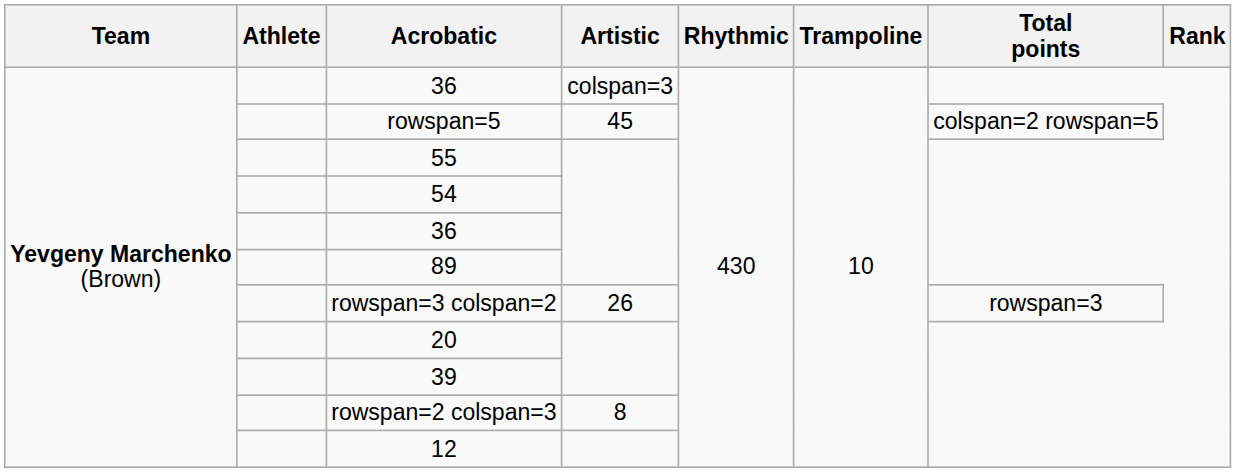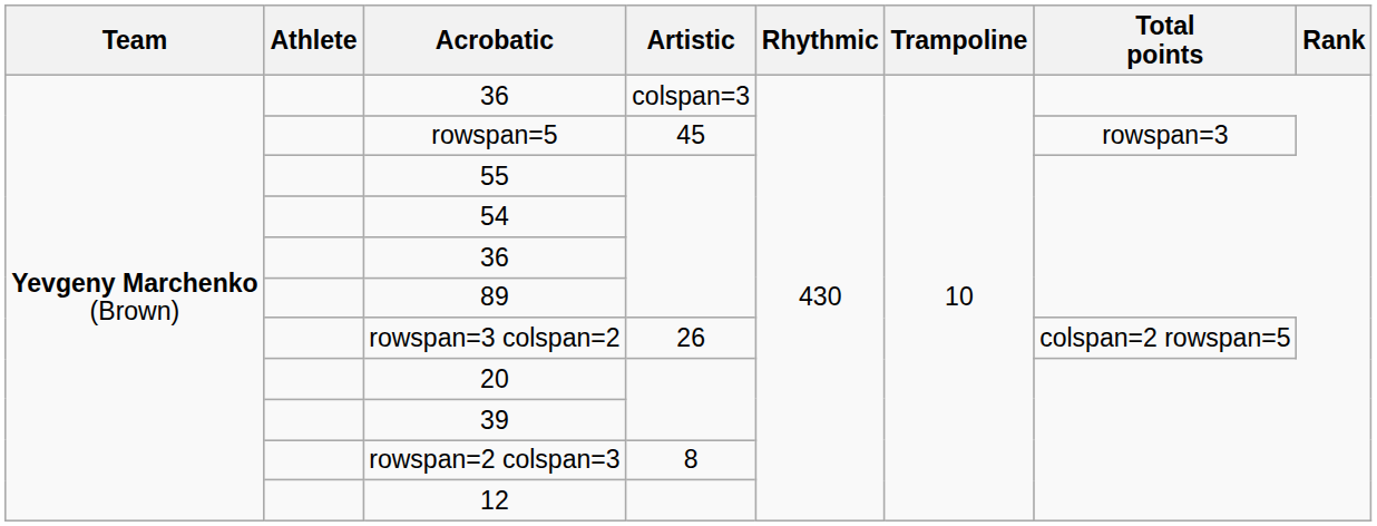 <table class="wikitable" style="text-align:center;font-size:90%">
 <tr>
 <th>Team</th>
 <th>Athlete</th>
 <th>Acrobatic</th>
 <th>Artistic</th>
 <th>Rhythmic</th>
 <th>Trampoline</th>
 <th>Total<br>points</th>
 <th>Rank</th>
 </tr>
 <tr>
 <td rowspan=12><strong>Yevgeny Marchenko</strong><br>(Brown)</td>
 <td align=left><br></td>
 <td>36</td>
 <td>colspan=3 </td>
 <td rowspan=12>430</td>
 <td rowspan=12>10</td>
 </tr>
 <tr align=center>
 <td align=left></td>
 <td>rowspan=5 </td>
 <td>45</td>
-<td>colspan=2 rowspan=5 </td>
+<td>rowspan=3 </td>
 </tr>
 <tr align=center>
 <td align=left></td>
 <td>55</td>
 </tr>
 <tr align=center>
 <td align=left></td>
 <td>54</td>
 </tr>
 <tr align=center>
 <td align=left></td>
 <td>36</td>
 </tr>
 <tr align=center>
 <td align=left></td>
 <td>89</td>
 </tr>
 <tr align=center>
 <td align=left></td>
 <td>rowspan=3 colspan=2 </td>
 <td>26</td>
-<td>rowspan=3 </td>
+<td>colspan=2 rowspan=5 </td>
 </tr>
 <tr align=center>
 <td align=left></td>
 <td>20</td>
 </tr>
 <tr align=center>
 <td align=left></td>
 <td>39</td>
 </tr>
 <tr align=center>
 <td align=left></td>
 <td>rowspan=2 colspan=3 </td>
 <td>8</td>
 </tr>
 <tr align=center>
 <td align=left></td>
 <td>12</td>
 </tr>
 </table>
